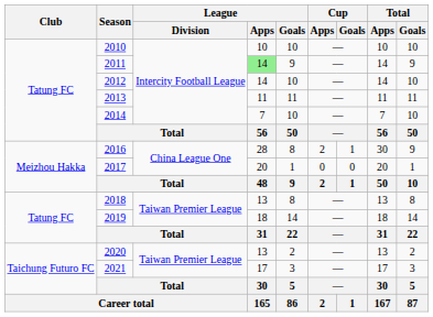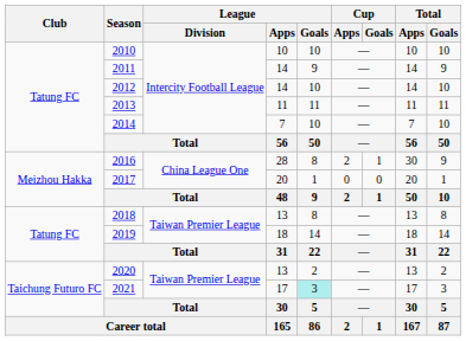 <table class="wikitable" style="text-align:center">
 <tr>
 <th rowspan="2">Club</th>
 <th rowspan="2">Season</th>
 <th colspan="3">League</th>
 <th colspan="2">Cup</th>
 <th colspan="2">Total</th>
 </tr>
 <tr>
 <th>Division</th>
 <th>Apps</th>
 <th>Goals</th>
 <th>Apps</th>
 <th>Goals</th>
 <th>Apps</th>
 <th>Goals</th>
 </tr>
 <tr>
 <td rowspan=6><a href='#'>Tatung FC</a></td>
 <td><a href='#'>2010</a></td>
 <td rowspan=5><a href='#'>Intercity Football League</a></td>
 <td>10</td>
 <td>10</td>
 <td colspan="2">—</td>
 <td>10</td>
 <td>10</td>
 </tr>
 <tr>
 <td><a href='#'>2011</a></td>
-<td style="background: lightgreen;">14</td>
+<td>14</td>
 <td>9</td>
 <td colspan="2">—</td>
 <td>14</td>
 <td>9</td>
 </tr>
 <tr>
 <td><a href='#'>2012</a></td>
 <td>14</td>
 <td>10</td>
 <td colspan="2">—</td>
 <td>14</td>
 <td>10</td>
 </tr>
 <tr>
 <td><a href='#'>2013</a></td>
 <td>11</td>
 <td>11</td>
 <td colspan="2">—</td>
 <td>11</td>
 <td>11</td>
 </tr>
 <tr>
 <td><a href='#'>2014</a></td>
 <td>7</td>
 <td>10</td>
 <td colspan="2">—</td>
 <td>7</td>
 <td>10</td>
 </tr>
 <tr>
 <th colspan="2">Total</th>
 <th>56</th>
 <th>50</th>
 <th colspan="2">—</th>
 <th>56</th>
 <th>50</th>
 </tr>
 <tr>
 <td rowspan=3><a href='#'>Meizhou Hakka</a></td>
 <td><a href='#'>2016</a></td>
 <td rowspan=2><a href='#'>China League One</a></td>
 <td>28</td>
 <td>8</td>
 <td>2</td>
 <td>1</td>
 <td>30</td>
 <td>9</td>
 </tr>
 <tr>
 <td><a href='#'>2017</a></td>
 <td>20</td>
 <td>1</td>
 <td>0</td>
 <td>0</td>
 <td>20</td>
 <td>1</td>
 </tr>
 <tr>
 <th colspan="2">Total</th>
 <th>48</th>
 <th>9</th>
 <th>2</th>
 <th>1</th>
 <th>50</th>
 <th>10</th>
 </tr>
 <tr>
 <td rowspan=3><a href='#'>Tatung FC</a></td>
 <td><a href='#'>2018</a></td>
 <td rowspan=2><a href='#'>Taiwan Premier League</a></td>
 <td>13</td>
 <td>8</td>
 <td colspan="2">—</td>
 <td>13</td>
 <td>8</td>
 </tr>
 <tr>
 <td><a href='#'>2019</a></td>
 <td>18</td>
 <td>14</td>
 <td colspan="2">—</td>
 <td>18</td>
 <td>14</td>
 </tr>
 <tr>
 <th colspan="2">Total</th>
 <th>31</th>
 <th>22</th>
 <th colspan="2">—</th>
 <th>31</th>
 <th>22</th>
 </tr>
 <tr>
 <td rowspan=3><a href='#'>Taichung Futuro FC</a></td>
 <td><a href='#'>2020</a></td>
 <td rowspan=2><a href='#'>Taiwan Premier League</a></td>
 <td>13</td>
 <td>2</td>
 <td colspan="2">—</td>
 <td>13</td>
 <td>2</td>
 </tr>
 <tr>
 <td><a href='#'>2021</a></td>
 <td>17</td>
-<td>3</td>
+<td style="background: paleturquoise;">3</td>
 <td colspan="2">—</td>
 <td>17</td>
 <td>3</td>
 </tr>
 <tr>
 <th colspan="2">Total</th>
 <th>30</th>
 <th>5</th>
 <th colspan="2">—</th>
 <th>30</th>
 <th>5</th>
 </tr>
 <tr>
 <th colspan="3">Career total</th>
 <th>165</th>
 <th>86</th>
 <th>2</th>
 <th>1</th>
 <th>167</th>
 <th>87</th>
 </tr>
 </table>
